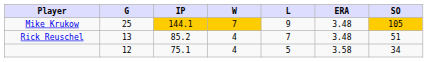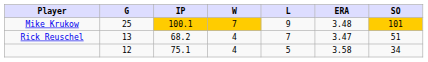 <table class="wikitable sortable">
 <tr>
 <th style="background:#ddf; width:16%;">Player</th>
 <th style="background:#ddf; width:9%;">G</th>
 <th style="background:#ddf; width:9%;">IP</th>
 <th style="background:#ddf; width:9%;">W</th>
 <th style="background:#ddf; width:9%;">L</th>
 <th style="background:#ddf; width:9%;">ERA</th>
 <th style="background:#ddf; width:9%;">SO</th>
 </tr>
 <tr style="text-align:center;">
 <td><a href='#'>Mike Krukow</a></td>
 <td>25</td>
-<td style="background:#fc0;">144.1</td>
+<td style="background:#fc0;">100.1</td>
 <td style="background:#fc0;">7</td>
 <td>9</td>
 <td>3.48</td>
-<td style="background:#fc0;">105</td>
+<td style="background:#fc0;">101</td>
 </tr>
 <tr align=center>
 <td><a href='#'>Rick Reuschel</a></td>
 <td>13</td>
-<td>85.2</td>
+<td>68.2</td>
 <td>4</td>
 <td>7</td>
-<td>3.48</td>
+<td>3.47</td>
 <td>51</td>
 </tr>
 <tr align=center>
 <td></td>
 <td>12</td>
 <td>75.1</td>
 <td>4</td>
 <td>5</td>
 <td>3.58</td>
 <td>34</td>
 </tr>
 </table>
